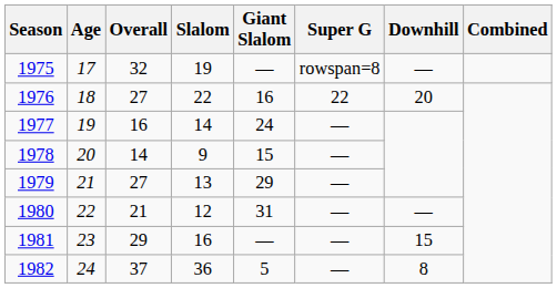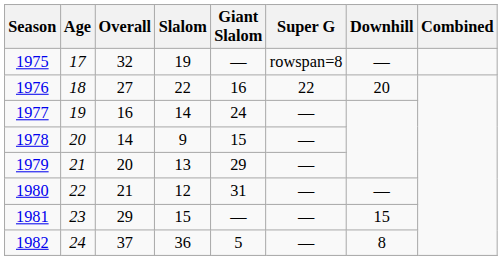 <table class=wikitable style="text-align:center">
 <tr>
 <th>Season</th>
 <th>Age</th>
 <th>Overall</th>
 <th>Slalom</th>
 <th>Giant<br>Slalom</th>
 <th>Super G</th>
 <th>Downhill</th>
 <th>Combined</th>
 </tr>
 <tr>
 <td><a href='#'>1975</a></td>
 <td><em>17</em></td>
 <td>32</td>
 <td>19</td>
 <td>—</td>
 <td>rowspan=8</td>
 <td>—</td>
 <td></td>
 </tr>
 <tr>
 <td><a href='#'>1976</a></td>
 <td><em>18</em></td>
 <td>27</td>
 <td>22</td>
 <td>16</td>
 <td>22</td>
 <td>20</td>
 </tr>
 <tr>
 <td><a href='#'>1977</a></td>
 <td><em>19</em></td>
 <td>16</td>
 <td>14</td>
 <td>24</td>
 <td>—</td>
 <td rowspan=3></td>
 </tr>
 <tr>
 <td><a href='#'>1978</a></td>
 <td><em>20</em></td>
 <td>14</td>
 <td>9</td>
 <td>15</td>
 <td>—</td>
 </tr>
 <tr>
 <td><a href='#'>1979</a></td>
 <td><em>21</em></td>
-<td>27</td>
+<td>20</td>
 <td>13</td>
 <td>29</td>
 <td>—</td>
 </tr>
 <tr>
 <td><a href='#'>1980</a></td>
 <td><em>22</em></td>
 <td>21</td>
 <td>12</td>
 <td>31</td>
 <td>—</td>
 <td>—</td>
 </tr>
 <tr>
 <td><a href='#'>1981</a></td>
 <td><em>23</em></td>
 <td>29</td>
-<td>16</td>
+<td>15</td>
 <td>—</td>
 <td>—</td>
 <td>15</td>
 </tr>
 <tr>
 <td><a href='#'>1982</a></td>
 <td><em>24</em></td>
 <td>37</td>
 <td>36</td>
 <td>5</td>
 <td>—</td>
 <td>8</td>
 </tr>
 </table>
